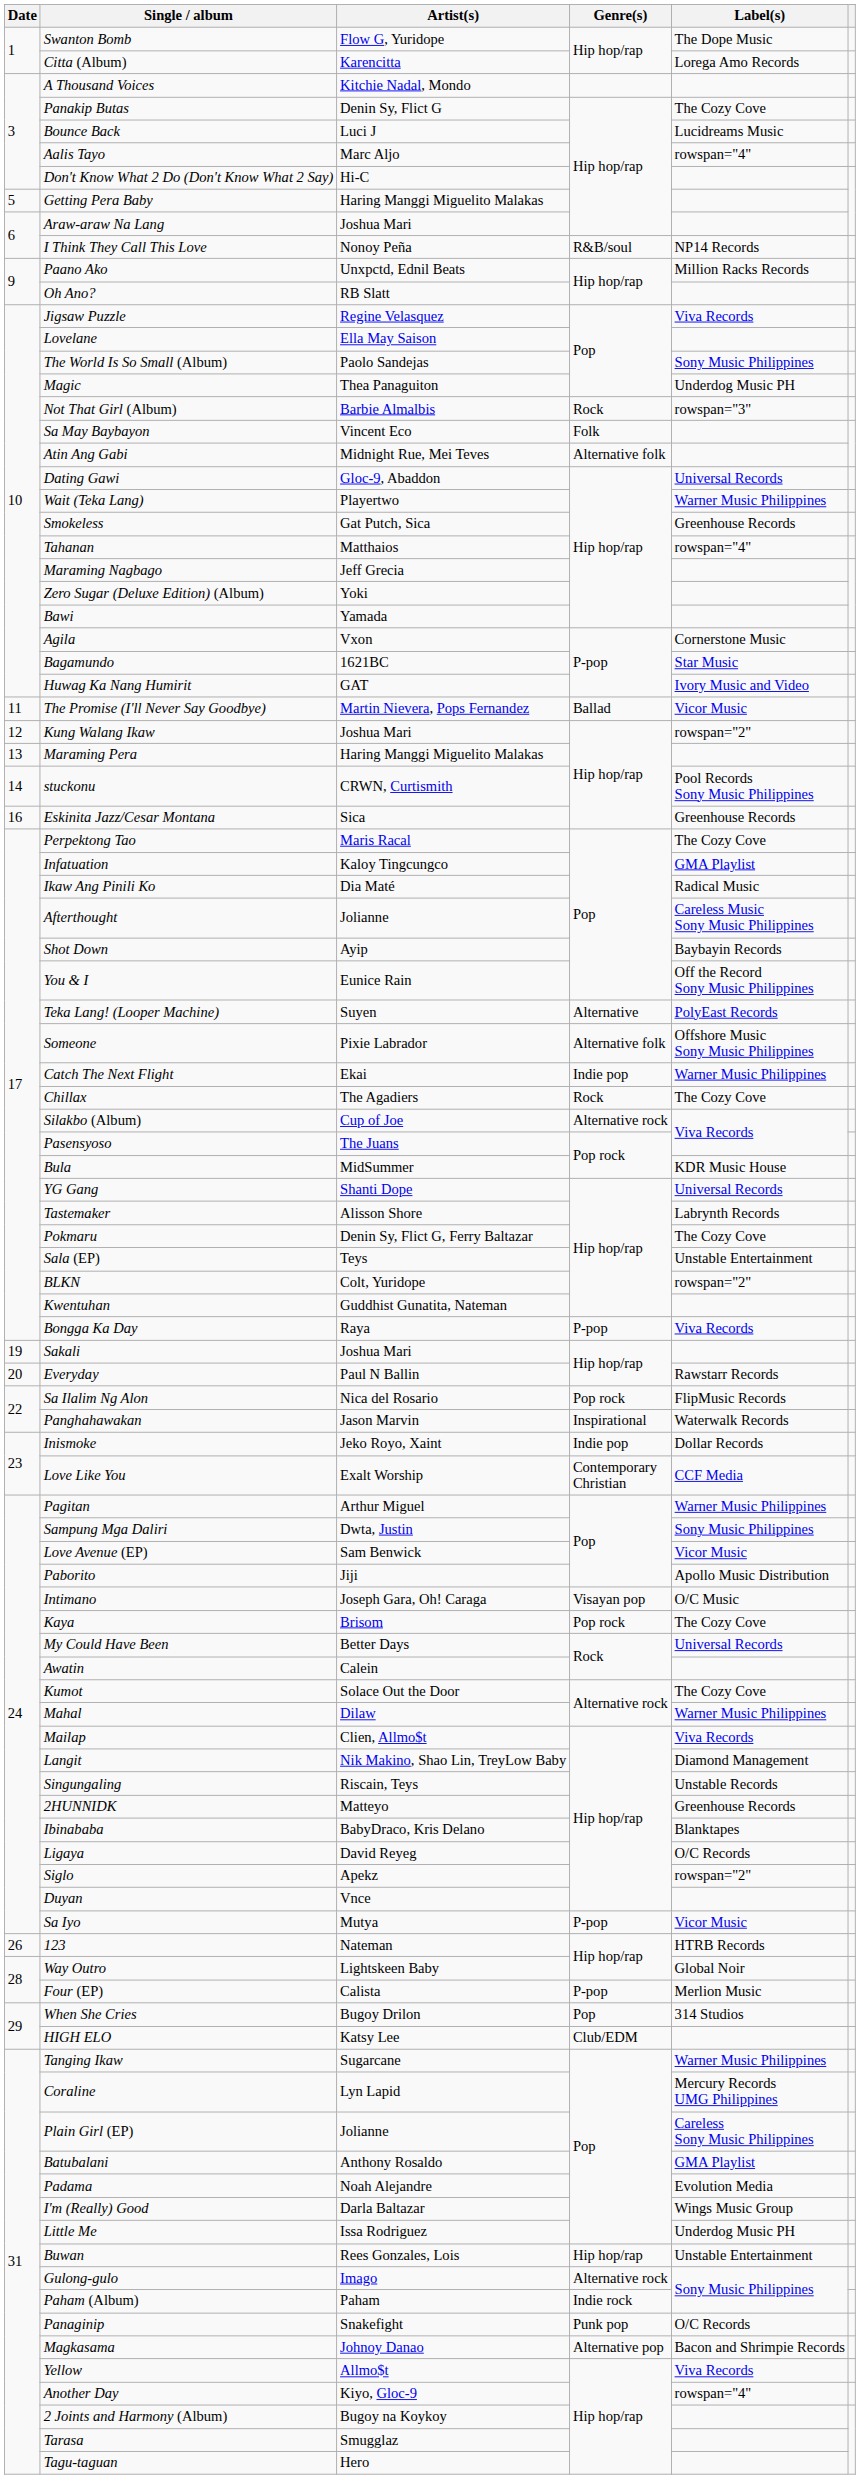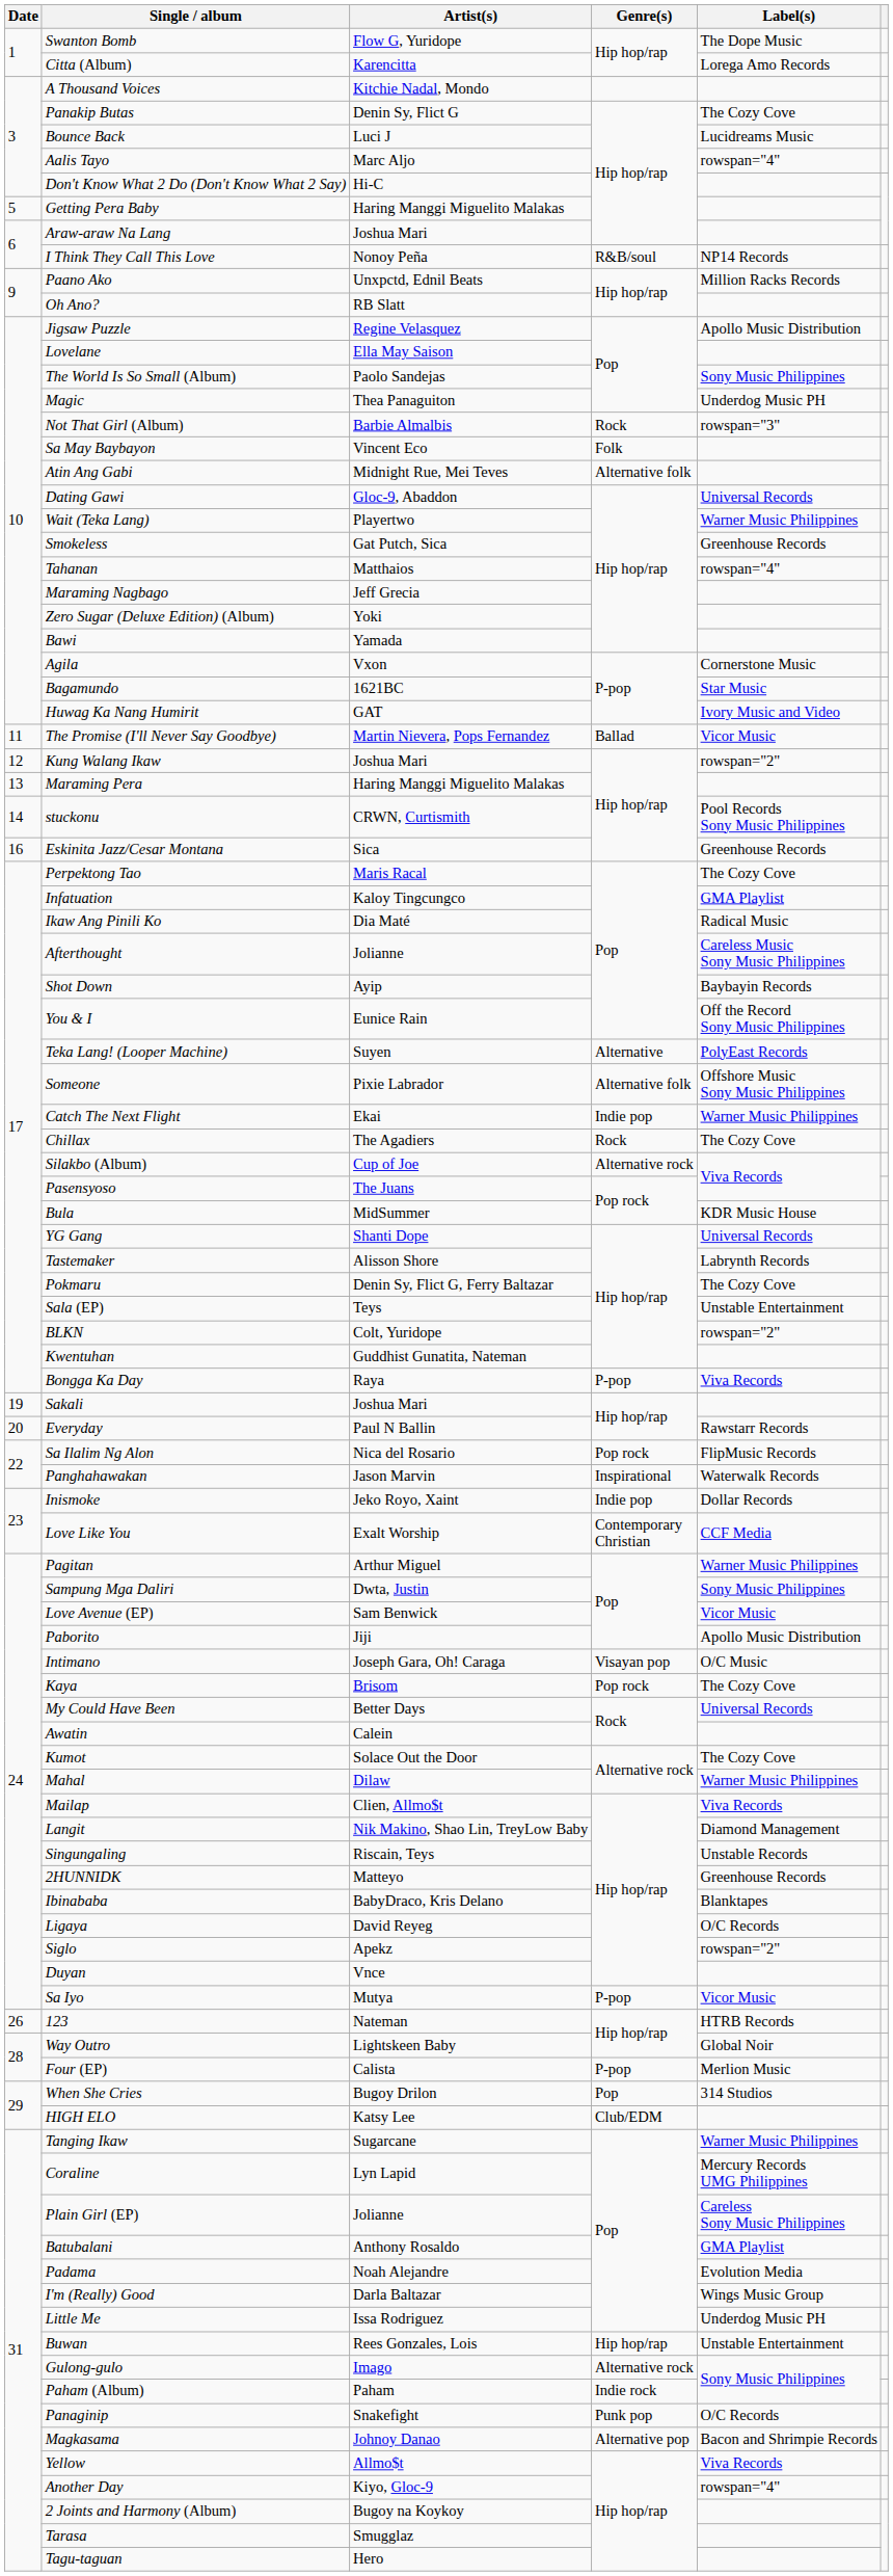 <table class="wikitable">
 <tr>
 <th>Date</th>
 <th>Single / album</th>
 <th>Artist(s)</th>
 <th>Genre(s)</th>
 <th>Label(s)</th>
 <th></th>
 </tr>
 <tr>
 <td rowspan="2">1</td>
 <td><em>Swanton Bomb</em></td>
 <td><a href='#'>Flow G</a>, Yuridope</td>
 <td rowspan="2">Hip hop/rap</td>
 <td>The Dope Music</td>
 <td></td>
 </tr>
 <tr>
 <td><em>Citta</em> (Album)</td>
 <td><a href='#'>Karencitta</a></td>
 <td>Lorega Amo Records</td>
 <td></td>
 </tr>
 <tr>
 <td rowspan="5">3</td>
 <td><em>A Thousand Voices</em></td>
 <td><a href='#'>Kitchie Nadal</a>, Mondo</td>
 <td></td>
 <td></td>
 <td></td>
 </tr>
 <tr>
 <td><em>Panakip Butas</em></td>
 <td>Denin Sy, Flict G</td>
 <td rowspan="6">Hip hop/rap</td>
 <td>The Cozy Cove</td>
 <td></td>
 </tr>
 <tr>
 <td><em>Bounce Back</em></td>
 <td>Luci J</td>
 <td>Lucidreams Music</td>
 <td></td>
 </tr>
 <tr>
 <td><em>Aalis Tayo</em></td>
 <td>Marc Aljo</td>
 <td>rowspan="4" </td>
 <td></td>
 </tr>
 <tr>
 <td><em>Don't Know What 2 Do (Don't Know What 2 Say)</em></td>
 <td>Hi-C</td>
 <td></td>
 </tr>
 <tr>
 <td>5</td>
 <td><em>Getting Pera Baby</em></td>
 <td>Haring Manggi Miguelito Malakas</td>
 <td></td>
 </tr>
 <tr>
 <td rowspan="2">6</td>
 <td><em>Araw-araw Na Lang</em></td>
 <td>Joshua Mari</td>
 <td></td>
 </tr>
 <tr>
 <td><em>I Think They Call This Love</em></td>
 <td>Nonoy Peña</td>
 <td>R&B/soul</td>
 <td>NP14 Records</td>
 <td></td>
 </tr>
 <tr>
 <td rowspan="2">9</td>
 <td><em>Paano Ako</em></td>
 <td>Unxpctd, Ednil Beats</td>
 <td rowspan="2">Hip hop/rap</td>
 <td>Million Racks Records</td>
 <td></td>
 </tr>
 <tr>
 <td><em>Oh Ano?</em></td>
 <td>RB Slatt</td>
 <td></td>
 <td></td>
 </tr>
 <tr>
 <td rowspan="17">10</td>
 <td><em>Jigsaw Puzzle</em></td>
 <td><a href='#'>Regine Velasquez</a></td>
 <td rowspan="4">Pop</td>
-<td><a href='#'>Viva Records</a></td>
+<td>Apollo Music Distribution</td>
 <td></td>
 </tr>
 <tr>
 <td><em>Lovelane</em></td>
 <td><a href='#'>Ella May Saison</a></td>
 <td></td>
 <td></td>
 </tr>
 <tr>
 <td><em>The World Is So Small</em> (Album)</td>
 <td>Paolo Sandejas</td>
 <td><a href='#'>Sony Music Philippines</a></td>
 <td></td>
 </tr>
 <tr>
 <td><em>Magic</em></td>
 <td>Thea Panaguiton</td>
 <td>Underdog Music PH</td>
 <td></td>
 </tr>
 <tr>
 <td><em>Not That Girl</em> (Album)</td>
 <td><a href='#'>Barbie Almalbis</a></td>
 <td>Rock</td>
 <td>rowspan="3" </td>
 <td></td>
 </tr>
 <tr>
 <td><em>Sa May Baybayon</em></td>
 <td>Vincent Eco</td>
 <td>Folk</td>
 <td></td>
 </tr>
 <tr>
 <td><em>Atin Ang Gabi</em></td>
 <td>Midnight Rue, Mei Teves</td>
 <td>Alternative folk</td>
 <td></td>
 </tr>
 <tr>
 <td><em>Dating Gawi</em></td>
 <td><a href='#'>Gloc-9</a>, Abaddon</td>
 <td rowspan="7">Hip hop/rap</td>
 <td><a href='#'>Universal Records</a></td>
 <td></td>
 </tr>
 <tr>
 <td><em>Wait (Teka Lang)</em></td>
 <td>Playertwo</td>
 <td><a href='#'>Warner Music Philippines</a></td>
 <td></td>
 </tr>
 <tr>
 <td><em>Smokeless</em></td>
 <td>Gat Putch, Sica</td>
 <td>Greenhouse Records</td>
 <td></td>
 </tr>
 <tr>
 <td><em>Tahanan</em></td>
 <td>Matthaios</td>
 <td>rowspan="4" </td>
 <td></td>
 </tr>
 <tr>
 <td><em>Maraming Nagbago</em></td>
 <td>Jeff Grecia</td>
 <td></td>
 </tr>
 <tr>
 <td><em>Zero Sugar (Deluxe Edition)</em> (Album)</td>
 <td>Yoki</td>
 <td></td>
 </tr>
 <tr>
 <td><em>Bawi</em></td>
 <td>Yamada</td>
 <td></td>
 </tr>
 <tr>
 <td><em>Agila</em></td>
 <td>Vxon</td>
 <td rowspan="3">P-pop</td>
 <td>Cornerstone Music</td>
 <td></td>
 </tr>
 <tr>
 <td><em>Bagamundo</em></td>
 <td>1621BC</td>
 <td><a href='#'>Star Music</a></td>
 <td></td>
 </tr>
 <tr>
 <td><em>Huwag Ka Nang Humirit</em></td>
 <td>GAT</td>
 <td><a href='#'>Ivory Music and Video</a></td>
 <td></td>
 </tr>
 <tr>
 <td>11</td>
 <td><em>The Promise (I'll Never Say Goodbye)</em></td>
 <td><a href='#'>Martin Nievera</a>, <a href='#'>Pops Fernandez</a></td>
 <td>Ballad</td>
 <td><a href='#'>Vicor Music</a></td>
 <td></td>
 </tr>
 <tr>
 <td>12</td>
 <td><em>Kung Walang Ikaw</em></td>
 <td>Joshua Mari</td>
 <td rowspan="4">Hip hop/rap</td>
 <td>rowspan="2" </td>
 <td></td>
 </tr>
 <tr>
 <td>13</td>
 <td><em>Maraming Pera</em></td>
 <td>Haring Manggi Miguelito Malakas</td>
 <td></td>
 </tr>
 <tr>
 <td>14</td>
 <td><em>stuckonu</em></td>
 <td>CRWN, <a href='#'>Curtismith</a></td>
 <td>Pool Records<br><a href='#'>Sony Music Philippines</a></td>
 <td></td>
 </tr>
 <tr>
 <td>16</td>
 <td><em>Eskinita Jazz/Cesar Montana</em></td>
 <td>Sica</td>
 <td>Greenhouse Records</td>
 <td></td>
 </tr>
 <tr>
 <td rowspan="20">17</td>
 <td><em>Perpektong Tao</em></td>
 <td><a href='#'>Maris Racal</a></td>
 <td rowspan="6">Pop</td>
 <td>The Cozy Cove</td>
 <td></td>
 </tr>
 <tr>
 <td><em>Infatuation</em></td>
 <td>Kaloy Tingcungco</td>
 <td><a href='#'>GMA Playlist</a></td>
 <td></td>
 </tr>
 <tr>
 <td><em>Ikaw Ang Pinili Ko</em></td>
 <td>Dia Maté</td>
 <td>Radical Music</td>
 <td></td>
 </tr>
 <tr>
 <td><em>Afterthought</em></td>
 <td>Jolianne</td>
 <td><a href='#'>Careless Music</a><br><a href='#'>Sony Music Philippines</a></td>
 <td></td>
 </tr>
 <tr>
 <td><em>Shot Down</em></td>
 <td>Ayip</td>
 <td>Baybayin Records</td>
 <td></td>
 </tr>
 <tr>
 <td><em>You & I</em></td>
 <td>Eunice Rain</td>
 <td>Off the Record<br><a href='#'>Sony Music Philippines</a></td>
 <td></td>
 </tr>
 <tr>
 <td><em>Teka Lang! (Looper Machine)</em></td>
 <td>Suyen</td>
 <td>Alternative</td>
 <td><a href='#'>PolyEast Records</a></td>
 <td></td>
 </tr>
 <tr>
 <td><em>Someone</em></td>
 <td>Pixie Labrador</td>
 <td>Alternative folk</td>
 <td>Offshore Music<br><a href='#'>Sony Music Philippines</a></td>
 <td></td>
 </tr>
 <tr>
 <td><em>Catch The Next Flight</em></td>
 <td>Ekai</td>
 <td>Indie pop</td>
 <td><a href='#'>Warner Music Philippines</a></td>
 <td></td>
 </tr>
 <tr>
 <td><em>Chillax</em></td>
 <td>The Agadiers</td>
 <td>Rock</td>
 <td>The Cozy Cove</td>
 <td></td>
 </tr>
 <tr>
 <td><em>Silakbo</em> (Album)</td>
 <td><a href='#'>Cup of Joe</a></td>
 <td>Alternative rock</td>
 <td rowspan="2"><a href='#'>Viva Records</a></td>
 <td></td>
 </tr>
 <tr>
 <td><em>Pasensyoso</em></td>
 <td><a href='#'>The Juans</a></td>
 <td rowspan="2">Pop rock</td>
 <td></td>
 </tr>
 <tr>
 <td><em>Bula</em></td>
 <td>MidSummer</td>
 <td>KDR Music House</td>
 <td></td>
 </tr>
 <tr>
 <td><em>YG Gang</em></td>
 <td><a href='#'>Shanti Dope</a></td>
 <td rowspan="6">Hip hop/rap</td>
 <td><a href='#'>Universal Records</a></td>
 <td></td>
 </tr>
 <tr>
 <td><em>Tastemaker</em></td>
 <td>Alisson Shore</td>
 <td>Labrynth Records</td>
 <td></td>
 </tr>
 <tr>
 <td><em>Pokmaru</em></td>
 <td>Denin Sy, Flict G, Ferry Baltazar</td>
 <td>The Cozy Cove</td>
 <td></td>
 </tr>
 <tr>
 <td><em>Sala</em> (EP)</td>
 <td>Teys</td>
 <td>Unstable Entertainment</td>
 <td></td>
 </tr>
 <tr>
 <td><em>BLKN</em></td>
 <td>Colt, Yuridope</td>
 <td>rowspan="2" </td>
 <td></td>
 </tr>
 <tr>
 <td><em>Kwentuhan</em></td>
 <td>Guddhist Gunatita, Nateman</td>
 <td></td>
 </tr>
 <tr>
 <td><em>Bongga Ka Day</em></td>
 <td>Raya</td>
 <td>P-pop</td>
 <td><a href='#'>Viva Records</a></td>
 <td></td>
 </tr>
 <tr>
 <td>19</td>
 <td><em>Sakali</em></td>
 <td>Joshua Mari</td>
 <td rowspan="2">Hip hop/rap</td>
 <td></td>
 <td></td>
 </tr>
 <tr>
 <td>20</td>
 <td><em>Everyday</em></td>
 <td>Paul N Ballin</td>
 <td>Rawstarr Records</td>
 <td></td>
 </tr>
 <tr>
 <td rowspan="2">22</td>
 <td><em>Sa Ilalim Ng Alon</em></td>
 <td>Nica del Rosario</td>
 <td>Pop rock</td>
 <td>FlipMusic Records</td>
 <td></td>
 </tr>
 <tr>
 <td><em>Panghahawakan</em></td>
 <td>Jason Marvin</td>
 <td>Inspirational</td>
 <td>Waterwalk Records</td>
 <td></td>
 </tr>
 <tr>
 <td rowspan="2">23</td>
 <td><em>Inismoke</em></td>
 <td>Jeko Royo, Xaint</td>
 <td>Indie pop</td>
 <td>Dollar Records</td>
 <td></td>
 </tr>
 <tr>
 <td><em>Love Like You</em></td>
 <td>Exalt Worship</td>
 <td>Contemporary<br>Christian</td>
 <td><a href='#'>CCF Media</a></td>
 <td></td>
 </tr>
 <tr>
 <td rowspan="19">24</td>
 <td><em>Pagitan</em></td>
 <td>Arthur Miguel</td>
 <td rowspan="4">Pop</td>
 <td><a href='#'>Warner Music Philippines</a></td>
 <td></td>
 </tr>
 <tr>
 <td><em>Sampung Mga Daliri</em></td>
 <td>Dwta, <a href='#'>Justin</a></td>
 <td><a href='#'>Sony Music Philippines</a></td>
 <td></td>
 </tr>
 <tr>
 <td><em>Love Avenue</em> (EP)</td>
 <td>Sam Benwick</td>
 <td><a href='#'>Vicor Music</a></td>
 <td></td>
 </tr>
 <tr>
 <td><em>Paborito</em></td>
 <td>Jiji</td>
 <td>Apollo Music Distribution</td>
 <td></td>
 </tr>
 <tr>
 <td><em>Intimano</em></td>
 <td>Joseph Gara, Oh! Caraga</td>
 <td>Visayan pop</td>
 <td>O/C Music</td>
 <td></td>
 </tr>
 <tr>
 <td><em>Kaya</em></td>
 <td><a href='#'>Brisom</a></td>
 <td>Pop rock</td>
 <td>The Cozy Cove</td>
 <td></td>
 </tr>
 <tr>
 <td><em>My Could Have Been</em></td>
 <td>Better Days</td>
 <td rowspan="2">Rock</td>
 <td><a href='#'>Universal Records</a></td>
 <td></td>
 </tr>
 <tr>
 <td><em>Awatin</em></td>
 <td>Calein</td>
 <td></td>
 <td></td>
 </tr>
 <tr>
 <td><em>Kumot</em></td>
 <td>Solace Out the Door</td>
 <td rowspan="2">Alternative rock</td>
 <td>The Cozy Cove</td>
 <td></td>
 </tr>
 <tr>
 <td><em>Mahal</em></td>
 <td><a href='#'>Dilaw</a></td>
 <td><a href='#'>Warner Music Philippines</a></td>
 <td></td>
 </tr>
 <tr>
 <td><em>Mailap</em></td>
 <td>Clien, <a href='#'>Allmo$t</a></td>
 <td rowspan="8">Hip hop/rap</td>
 <td><a href='#'>Viva Records</a></td>
 <td></td>
 </tr>
 <tr>
 <td><em>Langit</em></td>
 <td><a href='#'>Nik Makino</a>, Shao Lin, TreyLow Baby</td>
 <td>Diamond Management</td>
 <td></td>
 </tr>
 <tr>
 <td><em>Singungaling</em></td>
 <td>Riscain, Teys</td>
 <td>Unstable Records</td>
 <td></td>
 </tr>
 <tr>
 <td><em>2HUNNIDK</em></td>
 <td>Matteyo</td>
 <td>Greenhouse Records</td>
 <td></td>
 </tr>
 <tr>
 <td><em>Ibinababa</em></td>
 <td>BabyDraco, Kris Delano</td>
 <td>Blanktapes</td>
 <td></td>
 </tr>
 <tr>
 <td><em>Ligaya</em></td>
 <td>David Reyeg</td>
 <td>O/C Records</td>
 <td></td>
 </tr>
 <tr>
 <td><em>Siglo</em></td>
 <td>Apekz</td>
 <td>rowspan="2" </td>
 <td></td>
 </tr>
 <tr>
 <td><em>Duyan</em></td>
 <td>Vnce</td>
 <td></td>
 </tr>
 <tr>
 <td><em>Sa Iyo</em></td>
 <td>Mutya</td>
 <td>P-pop</td>
 <td><a href='#'>Vicor Music</a></td>
 <td></td>
 </tr>
 <tr>
 <td>26</td>
 <td><em>123</em></td>
 <td>Nateman</td>
 <td rowspan="2">Hip hop/rap</td>
 <td>HTRB Records</td>
 <td></td>
 </tr>
 <tr>
 <td rowspan="2">28</td>
 <td><em>Way Outro</em></td>
 <td>Lightskeen Baby</td>
 <td>Global Noir</td>
 <td></td>
 </tr>
 <tr>
 <td><em>Four</em> (EP)</td>
 <td>Calista</td>
 <td>P-pop</td>
 <td>Merlion Music</td>
 <td></td>
 </tr>
 <tr>
 <td rowspan="2">29</td>
 <td><em>When She Cries</em></td>
 <td>Bugoy Drilon</td>
 <td>Pop</td>
 <td>314 Studios</td>
 <td></td>
 </tr>
 <tr>
 <td><em>HIGH ELO</em></td>
 <td>Katsy Lee</td>
 <td>Club/EDM</td>
 <td></td>
 <td></td>
 </tr>
 <tr>
 <td rowspan="17">31</td>
 <td><em>Tanging Ikaw</em></td>
 <td>Sugarcane</td>
 <td rowspan="7">Pop</td>
 <td><a href='#'>Warner Music Philippines</a></td>
 <td></td>
 </tr>
 <tr>
 <td><em>Coraline</em></td>
 <td>Lyn Lapid</td>
 <td>Mercury Records<br><a href='#'>UMG Philippines</a></td>
 <td></td>
 </tr>
 <tr>
 <td><em>Plain Girl</em> (EP)</td>
 <td>Jolianne</td>
 <td><a href='#'>Careless</a><br><a href='#'>Sony Music Philippines</a></td>
 <td></td>
 </tr>
 <tr>
 <td><em>Batubalani</em></td>
 <td>Anthony Rosaldo</td>
 <td><a href='#'>GMA Playlist</a></td>
 </tr>
 <tr>
 <td><em>Padama</em></td>
 <td>Noah Alejandre</td>
 <td>Evolution Media</td>
 <td></td>
 </tr>
 <tr>
 <td><em>I'm (Really) Good</em></td>
 <td>Darla Baltazar</td>
 <td>Wings Music Group</td>
 <td></td>
 </tr>
 <tr>
 <td><em>Little Me</em></td>
 <td>Issa Rodriguez</td>
 <td>Underdog Music PH</td>
 <td></td>
 </tr>
 <tr>
 <td><em>Buwan</em></td>
 <td>Rees Gonzales, Lois</td>
 <td>Hip hop/rap</td>
 <td>Unstable Entertainment</td>
 <td></td>
 </tr>
 <tr>
 <td><em>Gulong-gulo</em></td>
 <td><a href='#'>Imago</a></td>
 <td>Alternative rock</td>
 <td rowspan="2"><a href='#'>Sony Music Philippines</a></td>
 <td></td>
 </tr>
 <tr>
 <td><em>Paham</em> (Album)</td>
 <td>Paham</td>
 <td>Indie rock</td>
 <td></td>
 </tr>
 <tr>
 <td><em>Panaginip</em></td>
 <td>Snakefight</td>
 <td>Punk pop</td>
 <td>O/C Records</td>
 <td></td>
 </tr>
 <tr>
 <td><em>Magkasama</em></td>
 <td><a href='#'>Johnoy Danao</a></td>
 <td>Alternative pop</td>
 <td>Bacon and Shrimpie Records</td>
 <td></td>
 </tr>
 <tr>
 <td><em>Yellow</em></td>
 <td><a href='#'>Allmo$t</a></td>
 <td rowspan="5">Hip hop/rap</td>
 <td><a href='#'>Viva Records</a></td>
 <td></td>
 </tr>
 <tr>
 <td><em>Another Day</em></td>
 <td>Kiyo, <a href='#'>Gloc-9</a></td>
 <td>rowspan="4" </td>
 <td></td>
 </tr>
 <tr>
 <td><em>2 Joints and Harmony</em> (Album)</td>
 <td>Bugoy na Koykoy</td>
 <td></td>
 </tr>
 <tr>
 <td><em>Tarasa</em></td>
 <td>Smugglaz</td>
 <td></td>
 </tr>
 <tr>
 <td><em>Tagu-taguan</em></td>
 <td>Hero</td>
 <td></td>
 </tr>
 </table>
